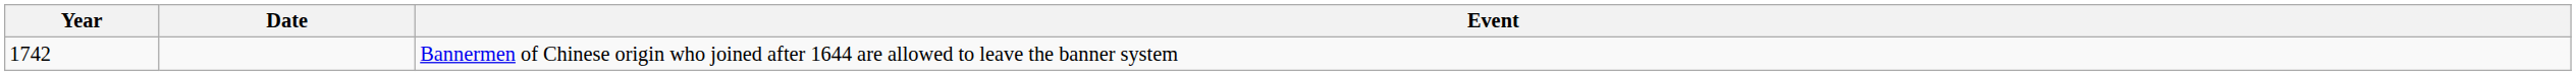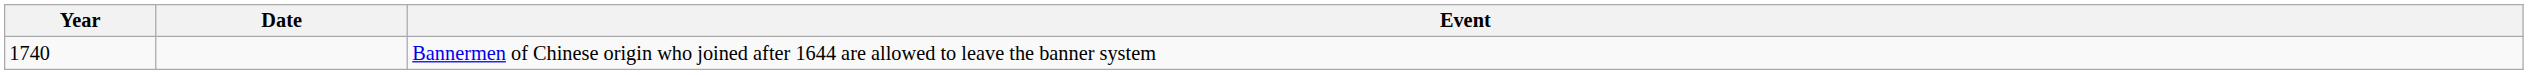 <table class="wikitable" style="width:100%;">
 <tr>
 <th style="width:6%">Year</th>
 <th style="width:10%">Date</th>
 <th>Event</th>
 </tr>
 <tr>
-<td>1742</td>
+<td>1740</td>
 <td></td>
 <td><a href='#'>Bannermen</a> of Chinese origin who joined after 1644 are allowed to leave the banner system</td>
 </tr>
 </table>
